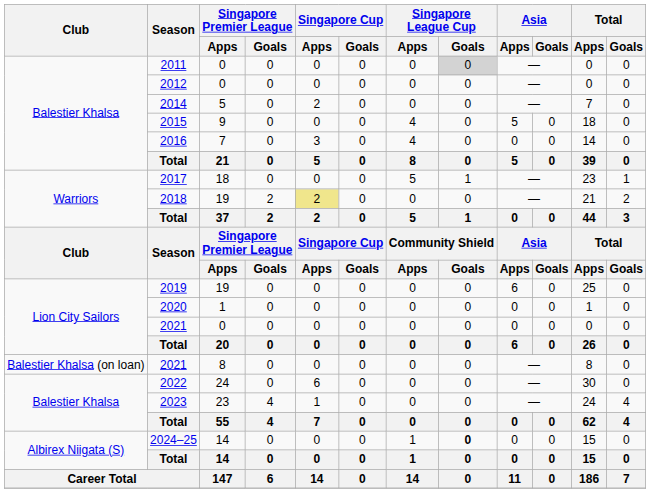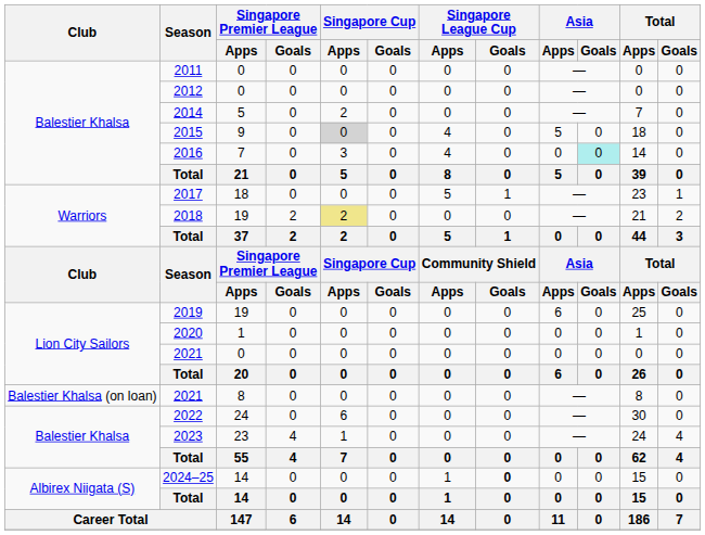 <table class="wikitable" style="text-align:center">
 <tr>
 <th rowspan="2">Club</th>
 <th rowspan="2">Season</th>
 <th colspan="2"><a href='#'>Singapore<br>Premier League</a></th>
 <th colspan="2"><a href='#'>Singapore Cup</a></th>
 <th colspan="2"><a href='#'>Singapore<br>League Cup</a></th>
 <th colspan="2"><a href='#'>Asia</a></th>
 <th colspan="2">Total</th>
 </tr>
 <tr>
 <th>Apps</th>
 <th>Goals</th>
 <th>Apps</th>
 <th>Goals</th>
 <th>Apps</th>
 <th>Goals</th>
 <th>Apps</th>
 <th>Goals</th>
 <th>Apps</th>
 <th>Goals</th>
 </tr>
 <tr>
 <td rowspan="6"><a href='#'>Balestier Khalsa</a></td>
 <td><a href='#'>2011</a></td>
 <td>0</td>
 <td>0</td>
 <td>0</td>
 <td>0</td>
 <td>0</td>
-<td style="background: lightgrey;">0</td>
+<td>0</td>
 <td colspan='2'>—</td>
 <td>0</td>
 <td>0</td>
 </tr>
 <tr>
 <td><a href='#'>2012</a></td>
 <td>0</td>
 <td>0</td>
 <td>0</td>
 <td>0</td>
 <td>0</td>
 <td>0</td>
 <td colspan='2'>—</td>
 <td>0</td>
 <td>0</td>
 </tr>
 <tr>
 <td><a href='#'>2014</a></td>
 <td>5</td>
 <td>0</td>
 <td>2</td>
 <td>0</td>
 <td>0</td>
 <td>0</td>
 <td colspan='2'>—</td>
 <td>7</td>
 <td>0</td>
 </tr>
 <tr>
 <td><a href='#'>2015</a></td>
 <td>9</td>
 <td>0</td>
-<td>0</td>
+<td style="background: lightgrey;">0</td>
 <td>0</td>
 <td>4</td>
 <td>0</td>
 <td>5</td>
 <td>0</td>
 <td>18</td>
 <td>0</td>
 </tr>
 <tr>
 <td><a href='#'>2016</a></td>
 <td>7</td>
 <td>0</td>
 <td>3</td>
 <td>0</td>
 <td>4</td>
 <td>0</td>
 <td>0</td>
-<td>0</td>
+<td style="background: paleturquoise;">0</td>
 <td>14</td>
 <td>0</td>
 </tr>
 <tr>
 <th>Total</th>
 <th>21</th>
 <th>0</th>
 <th>5</th>
 <th>0</th>
 <th>8</th>
 <th>0</th>
 <th>5</th>
 <th>0</th>
 <th>39</th>
 <th>0</th>
 </tr>
 <tr>
 <td rowspan="3"><a href='#'>Warriors</a></td>
 <td><a href='#'>2017</a></td>
 <td>18</td>
 <td>0</td>
 <td>0</td>
 <td>0</td>
 <td>5</td>
 <td>1</td>
 <td colspan='2'>—</td>
 <td>23</td>
 <td>1</td>
 </tr>
 <tr>
 <td><a href='#'>2018</a></td>
 <td>19</td>
 <td>2</td>
 <td style="background: khaki;">2</td>
 <td>0</td>
 <td>0</td>
 <td>0</td>
 <td colspan='2'>—</td>
 <td>21</td>
 <td>2</td>
 </tr>
 <tr>
 <th>Total</th>
 <th>37</th>
 <th>2</th>
 <th>2</th>
 <th>0</th>
 <th>5</th>
 <th>1</th>
 <th>0</th>
 <th>0</th>
 <th>44</th>
 <th>3</th>
 </tr>
 <tr>
 <th rowspan="2">Club</th>
 <th rowspan="2">Season</th>
 <th colspan="2"><a href='#'>Singapore<br>Premier League</a></th>
 <th colspan="2"><a href='#'>Singapore Cup</a></th>
 <th colspan="2">Community Shield</th>
 <th colspan="2"><a href='#'>Asia</a></th>
 <th colspan="2">Total</th>
 </tr>
 <tr>
 <th>Apps</th>
 <th>Goals</th>
 <th>Apps</th>
 <th>Goals</th>
 <th>Apps</th>
 <th>Goals</th>
 <th>Apps</th>
 <th>Goals</th>
 <th>Apps</th>
 <th>Goals</th>
 </tr>
 <tr>
 <td rowspan="4"><a href='#'>Lion City Sailors</a></td>
 <td><a href='#'>2019</a></td>
 <td>19</td>
 <td>0</td>
 <td>0</td>
 <td>0</td>
 <td>0</td>
 <td>0</td>
 <td>6</td>
 <td>0</td>
 <td>25</td>
 <td>0</td>
 </tr>
 <tr>
 <td><a href='#'>2020</a></td>
 <td>1</td>
 <td>0</td>
 <td>0</td>
 <td>0</td>
 <td>0</td>
 <td>0</td>
 <td>0</td>
 <td>0</td>
 <td>1</td>
 <td>0</td>
 </tr>
 <tr>
 <td><a href='#'>2021</a></td>
 <td>0</td>
 <td>0</td>
 <td>0</td>
 <td>0</td>
 <td>0</td>
 <td>0</td>
 <td>0</td>
 <td>0</td>
 <td>0</td>
 <td>0</td>
 </tr>
 <tr>
 <th>Total</th>
 <th>20</th>
 <th>0</th>
 <th>0</th>
 <th>0</th>
 <th>0</th>
 <th>0</th>
 <th>6</th>
 <th>0</th>
 <th>26</th>
 <th>0</th>
 </tr>
 <tr>
 <td rowspan="1"><a href='#'>Balestier Khalsa</a> (on loan)</td>
 <td><a href='#'>2021</a></td>
 <td>8</td>
 <td>0</td>
 <td>0</td>
 <td>0</td>
 <td>0</td>
 <td>0</td>
 <td colspan='2'>—</td>
 <td>8</td>
 <td>0</td>
 </tr>
 <tr>
 <td rowspan="3"><a href='#'>Balestier Khalsa</a></td>
 <td><a href='#'>2022</a></td>
 <td>24</td>
 <td>0</td>
 <td>6</td>
 <td>0</td>
 <td>0</td>
 <td>0</td>
 <td colspan='2'>—</td>
 <td>30</td>
 <td>0</td>
 </tr>
 <tr>
 <td><a href='#'>2023</a></td>
 <td>23</td>
 <td>4</td>
 <td>1</td>
 <td>0</td>
 <td>0</td>
 <td>0</td>
 <td colspan='2'>—</td>
 <td>24</td>
 <td>4</td>
 </tr>
 <tr>
 <th>Total</th>
 <th>55</th>
 <th>4</th>
 <th>7</th>
 <th>0</th>
 <th>0</th>
 <th>0</th>
 <th>0</th>
 <th>0</th>
 <th>62</th>
 <th>4</th>
 </tr>
 <tr>
 <td rowspan="2"><a href='#'>Albirex Niigata (S)</a></td>
 <td><a href='#'>2024–25</a></td>
 <td>14</td>
 <td>0</td>
 <td>0</td>
 <td>0</td>
 <td>1</td>
 <td><strong>0</strong></td>
 <td>0</td>
 <td>0</td>
 <td>15</td>
 <td>0</td>
 </tr>
 <tr>
 <th>Total</th>
 <th>14</th>
 <th>0</th>
 <th>0</th>
 <th>0</th>
 <th>1</th>
 <th>0</th>
 <th>0</th>
 <th>0</th>
 <th>15</th>
 <th>0</th>
 </tr>
 <tr>
 <th colspan="2">Career Total</th>
 <th>147</th>
 <th>6</th>
 <th>14</th>
 <th>0</th>
 <th>14</th>
 <th>0</th>
 <th>11</th>
 <th>0</th>
 <th>186</th>
 <th>7</th>
 </tr>
 <tr>
 </tr>
 </table>
